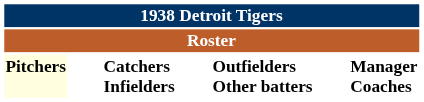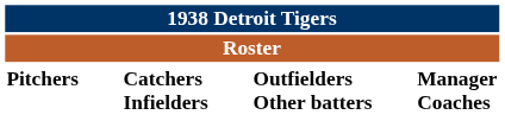 <table class="toccolours" style="font-size: 95%;">
 <tr>
 <th colspan="10" style="background-color: #003366; color: white; text-align: center;">1938 Detroit Tigers</th>
 </tr>
 <tr>
 <td colspan="10" style="background-color: #bd5d29; color: white; text-align: center;"><strong>Roster</strong></td>
 </tr>
 <tr>
-<td valign="top" style="background: lightyellow;"><strong>Pitchers</strong><br>             </td>
+<td valign="top"><strong>Pitchers</strong><br>             </td>
 <td width="25px"></td>
 <td valign="top"><strong>Catchers</strong><br>   <strong>Infielders</strong>       </td>
 <td width="25px"></td>
 <td valign="top"><strong>Outfielders</strong><br>      <strong>Other batters</strong> </td>
 <td width="25px"></td>
 <td valign="top"><strong>Manager</strong><br>  <strong>Coaches</strong>   </td>
 </tr>
 </table>
